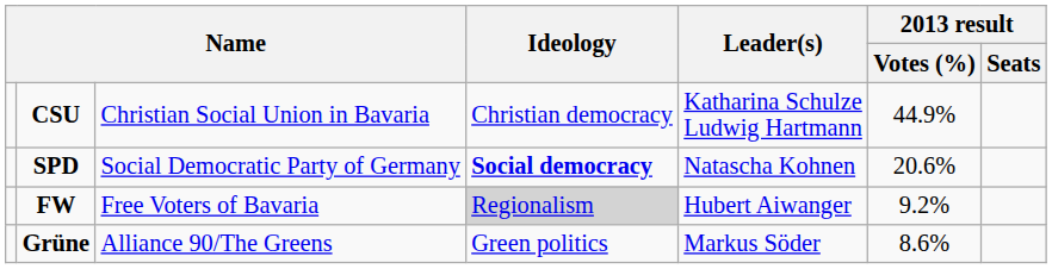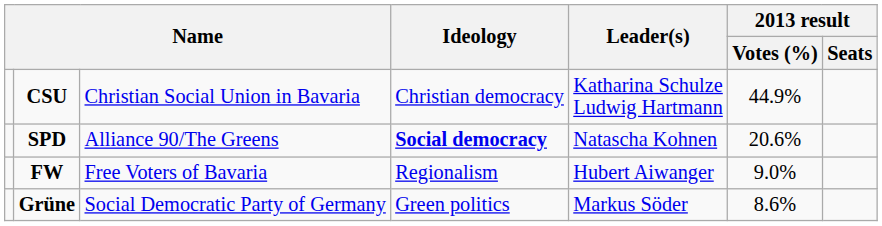 <table class="wikitable">
 <tr>
 <th rowspan=2 colspan=3>Name</th>
 <th rowspan=2>Ideology</th>
 <th rowspan=2>Leader(s)</th>
 <th colspan=2>2013 result</th>
 </tr>
 <tr>
 <th>Votes (%)</th>
 <th>Seats</th>
 </tr>
 <tr>
 <td></td>
 <td align=center><strong>CSU</strong></td>
 <td><a href='#'>Christian Social Union in Bavaria</a><br></td>
 <td><a href='#'>Christian democracy</a></td>
 <td><a href='#'>Katharina Schulze</a><br><a href='#'>Ludwig Hartmann</a></td>
 <td align=center>44.9%</td>
 <td></td>
 </tr>
 <tr>
 <td></td>
 <td align=center><strong>SPD</strong></td>
-<td><a href='#'>Social Democratic Party of Germany</a><br></td>
+<td><a href='#'>Alliance 90/The Greens</a><br></td>
 <td><strong><a href='#'>Social democracy</a></strong></td>
 <td><a href='#'>Natascha Kohnen</a></td>
 <td align=center>20.6%</td>
 <td></td>
 </tr>
 <tr>
 <td></td>
 <td align=center><strong>FW</strong></td>
 <td><a href='#'>Free Voters of Bavaria</a><br></td>
-<td style="background: lightgrey;"><a href='#'>Regionalism</a></td>
+<td><a href='#'>Regionalism</a></td>
 <td><a href='#'>Hubert Aiwanger</a></td>
-<td align=center>9.2%</td>
+<td align=center>9.0%</td>
 <td></td>
 </tr>
 <tr>
 <td></td>
 <td align=center><strong>Grüne</strong></td>
-<td><a href='#'>Alliance 90/The Greens</a><br></td>
+<td><a href='#'>Social Democratic Party of Germany</a><br></td>
 <td><a href='#'>Green politics</a></td>
 <td><a href='#'>Markus Söder</a></td>
 <td align=center>8.6%</td>
 <td></td>
 </tr>
 </table>
